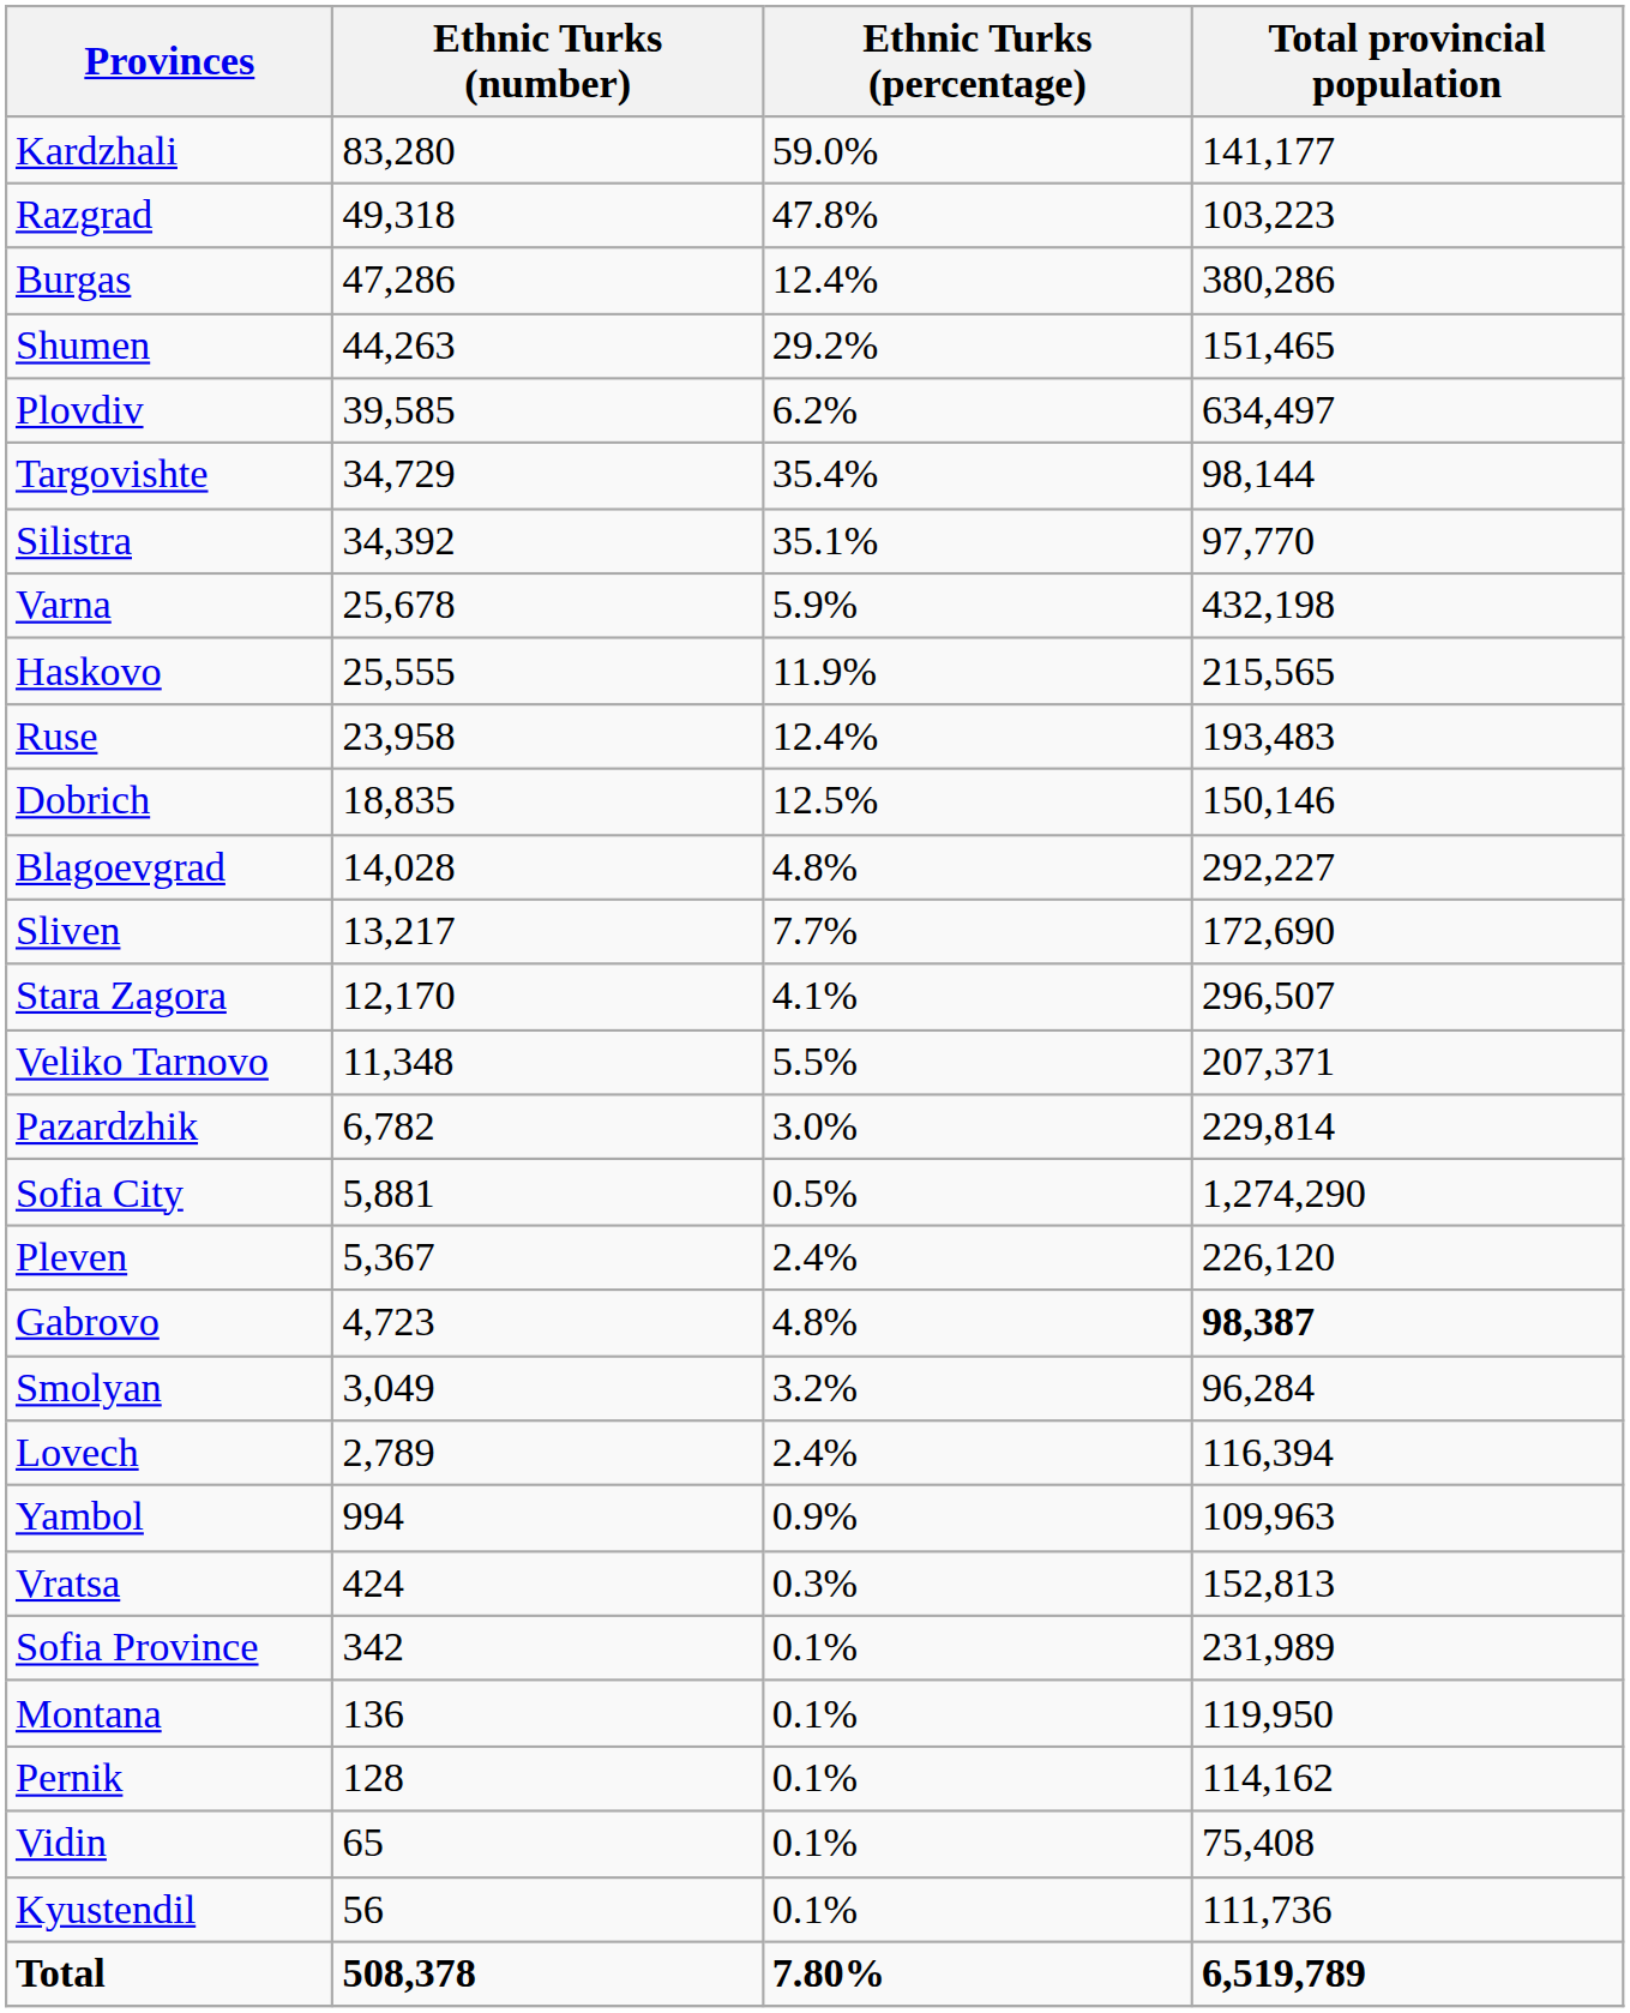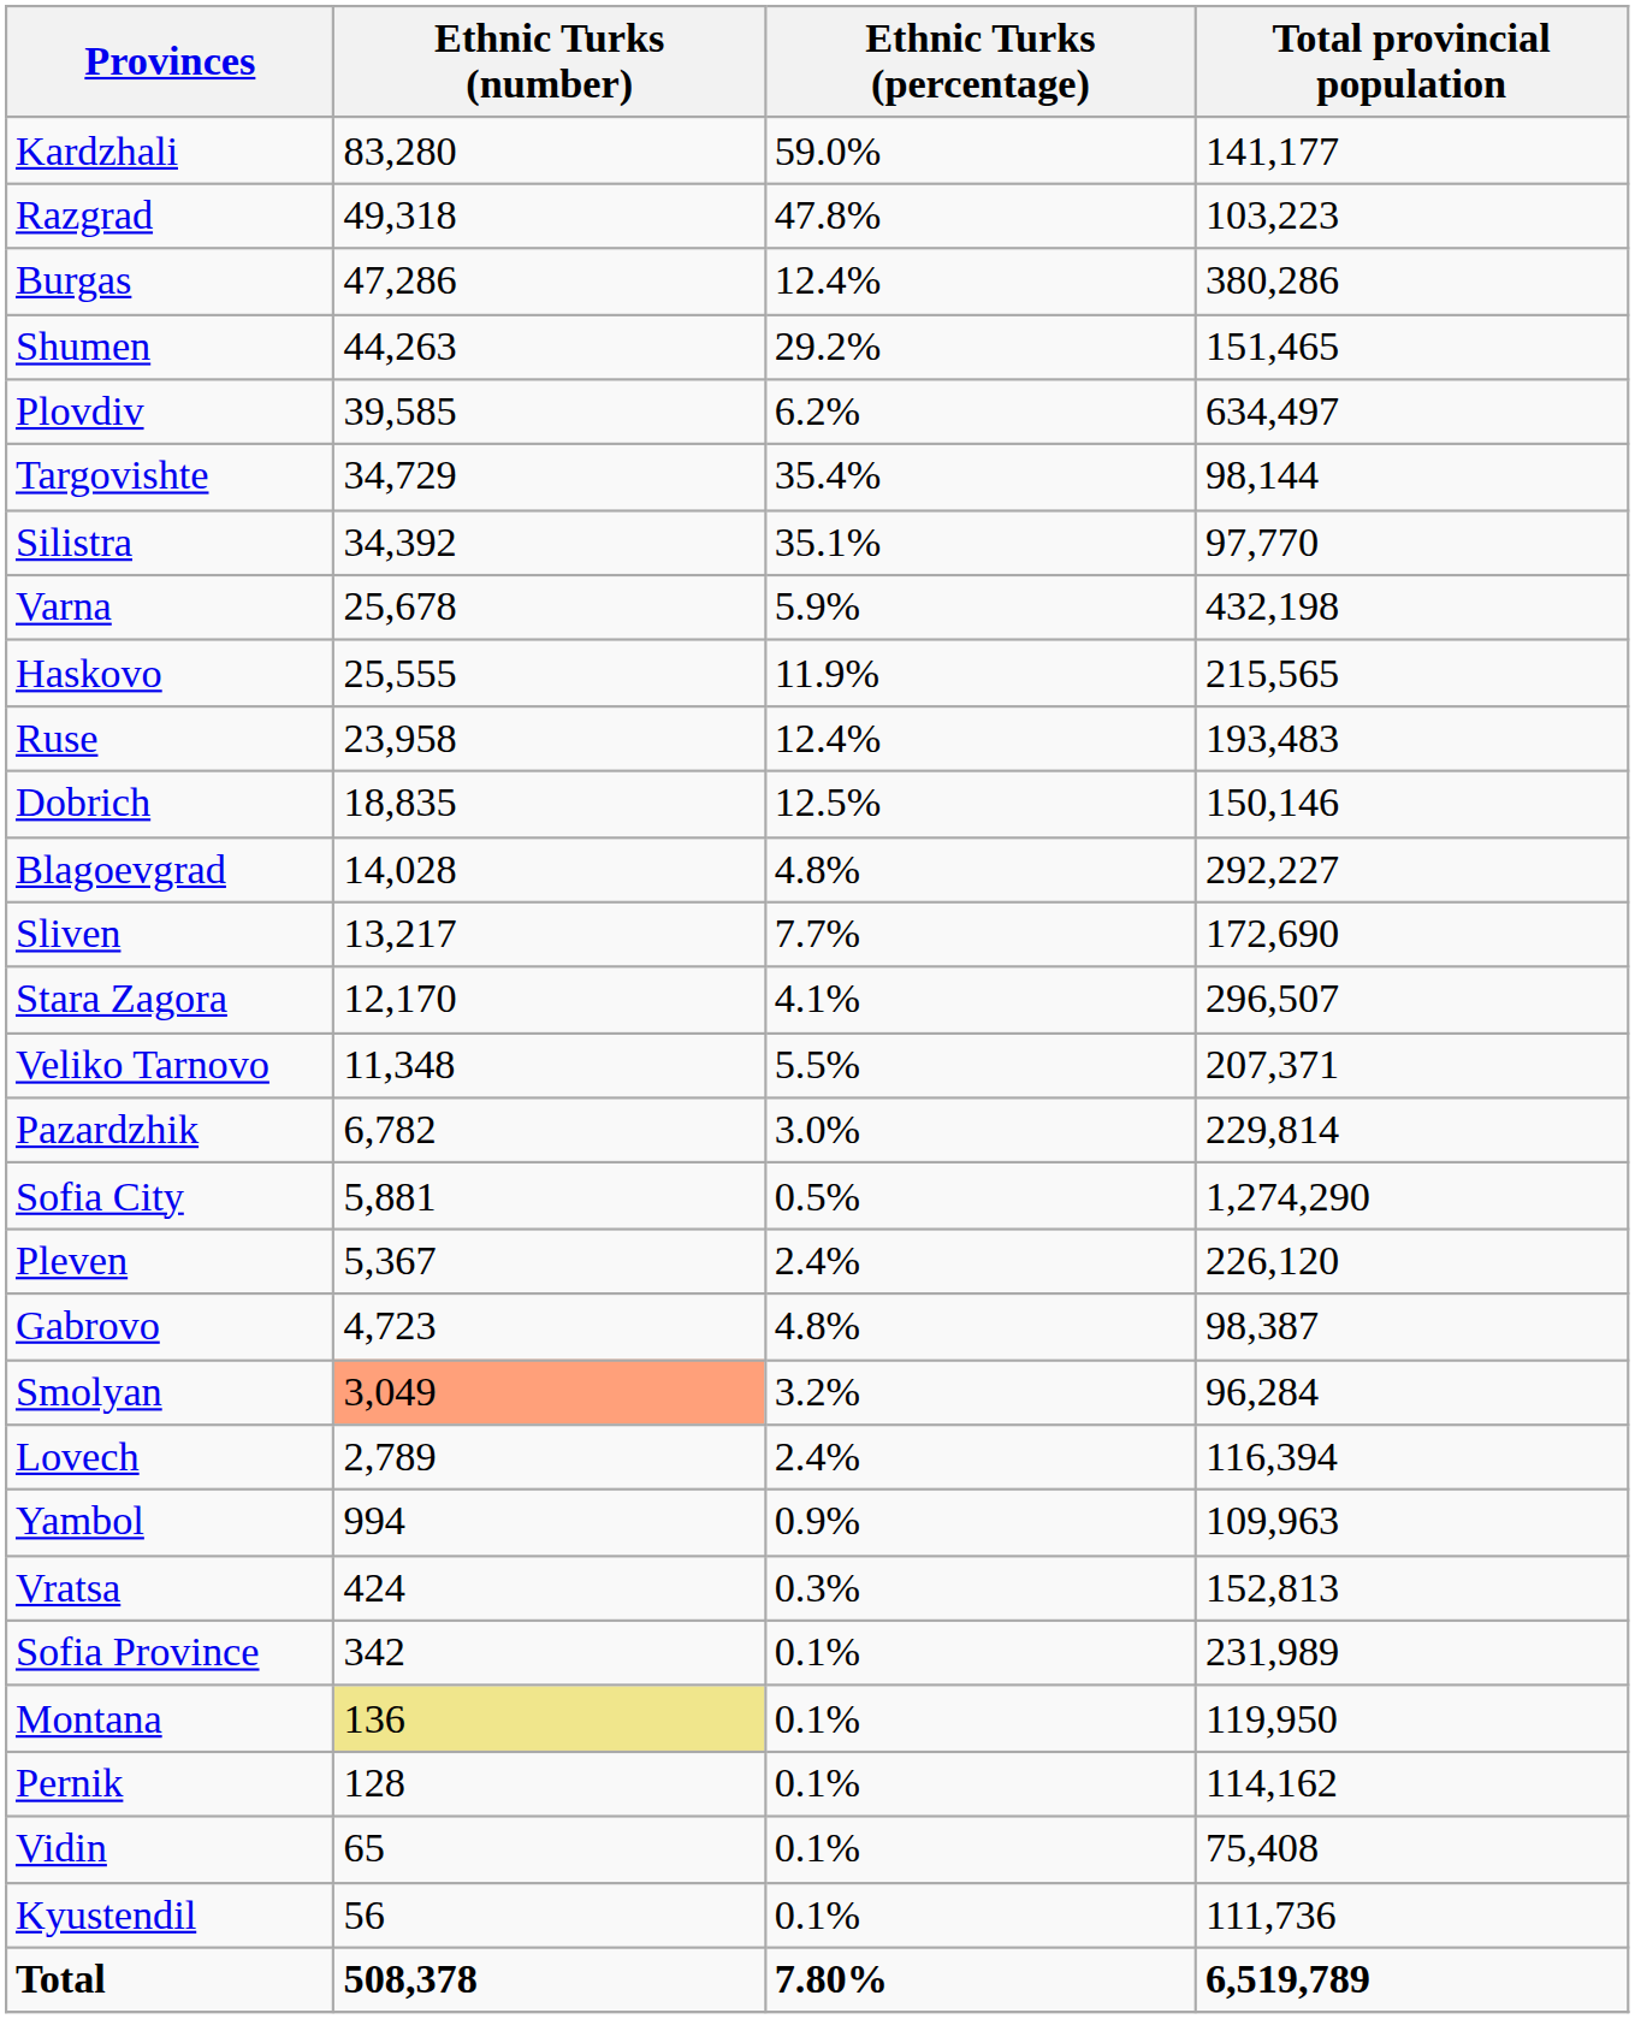 <table class="wikitable sortable">
 <tr>
 <th style="width:90pt;"><a href='#'>Provinces</a></th>
 <th style="width:120pt;">Ethnic Turks<br>(number)</th>
 <th style="width:120pt;">Ethnic Turks<br>(percentage)</th>
 <th style="width:120pt;">Total provincial population</th>
 </tr>
 <tr>
 <td><a href='#'>Kardzhali</a></td>
 <td>83,280</td>
 <td>59.0%</td>
 <td>141,177</td>
 </tr>
 <tr>
 <td><a href='#'>Razgrad</a></td>
 <td>49,318</td>
 <td>47.8%</td>
 <td>103,223</td>
 </tr>
 <tr>
 <td><a href='#'>Burgas</a></td>
 <td>47,286</td>
 <td>12.4%</td>
 <td>380,286</td>
 </tr>
 <tr>
 <td><a href='#'>Shumen</a></td>
 <td>44,263</td>
 <td>29.2%</td>
 <td>151,465</td>
 </tr>
 <tr>
 <td><a href='#'>Plovdiv</a></td>
 <td>39,585</td>
 <td>6.2%</td>
 <td>634,497</td>
 </tr>
 <tr>
 <td><a href='#'>Targovishte</a></td>
 <td>34,729</td>
 <td>35.4%</td>
 <td>98,144</td>
 </tr>
 <tr>
 <td><a href='#'>Silistra</a></td>
 <td>34,392</td>
 <td>35.1%</td>
 <td>97,770</td>
 </tr>
 <tr>
 <td><a href='#'>Varna</a></td>
 <td>25,678</td>
 <td>5.9%</td>
 <td>432,198</td>
 </tr>
 <tr>
 <td><a href='#'>Haskovo</a></td>
 <td>25,555</td>
 <td>11.9%</td>
 <td>215,565</td>
 </tr>
 <tr>
 <td><a href='#'>Ruse</a></td>
 <td>23,958</td>
 <td>12.4%</td>
 <td>193,483</td>
 </tr>
 <tr>
 <td><a href='#'>Dobrich</a></td>
 <td>18,835</td>
 <td>12.5%</td>
 <td>150,146</td>
 </tr>
 <tr>
 <td><a href='#'>Blagoevgrad</a></td>
 <td>14,028</td>
 <td>4.8%</td>
 <td>292,227</td>
 </tr>
 <tr>
 <td><a href='#'>Sliven</a></td>
 <td>13,217</td>
 <td>7.7%</td>
 <td>172,690</td>
 </tr>
 <tr>
 <td><a href='#'>Stara Zagora</a></td>
 <td>12,170</td>
 <td>4.1%</td>
 <td>296,507</td>
 </tr>
 <tr>
 <td><a href='#'>Veliko Tarnovo</a></td>
 <td>11,348</td>
 <td>5.5%</td>
 <td>207,371</td>
 </tr>
 <tr>
 <td><a href='#'>Pazardzhik</a></td>
 <td>6,782</td>
 <td>3.0%</td>
 <td>229,814</td>
 </tr>
 <tr>
 <td><a href='#'>Sofia City</a></td>
 <td>5,881</td>
 <td>0.5%</td>
 <td>1,274,290</td>
 </tr>
 <tr>
 <td><a href='#'>Pleven</a></td>
 <td>5,367</td>
 <td>2.4%</td>
 <td>226,120</td>
 </tr>
 <tr>
 <td><a href='#'>Gabrovo</a></td>
 <td>4,723</td>
 <td>4.8%</td>
-<td><strong>98,387</strong></td>
+<td>98,387</td>
 </tr>
 <tr>
 <td><a href='#'>Smolyan</a></td>
-<td>3,049</td>
+<td style="background: lightsalmon;">3,049</td>
 <td>3.2%</td>
 <td>96,284</td>
 </tr>
 <tr>
 <td><a href='#'>Lovech</a></td>
 <td>2,789</td>
 <td>2.4%</td>
 <td>116,394</td>
 </tr>
 <tr>
 <td><a href='#'>Yambol</a></td>
 <td>994</td>
 <td>0.9%</td>
 <td>109,963</td>
 </tr>
 <tr>
 <td><a href='#'>Vratsa</a></td>
 <td>424</td>
 <td>0.3%</td>
 <td>152,813</td>
 </tr>
 <tr>
 <td><a href='#'>Sofia Province</a></td>
 <td>342</td>
 <td>0.1%</td>
 <td>231,989</td>
 </tr>
 <tr>
 <td><a href='#'>Montana</a></td>
-<td>136</td>
+<td style="background: khaki;">136</td>
 <td>0.1%</td>
 <td>119,950</td>
 </tr>
 <tr>
 <td><a href='#'>Pernik</a></td>
 <td>128</td>
 <td>0.1%</td>
 <td>114,162</td>
 </tr>
 <tr>
 <td><a href='#'>Vidin</a></td>
 <td>65</td>
 <td>0.1%</td>
 <td>75,408</td>
 </tr>
 <tr>
 <td><a href='#'>Kyustendil</a></td>
 <td>56</td>
 <td>0.1%</td>
 <td>111,736</td>
 </tr>
 <tr>
 <td><strong>Total</strong></td>
 <td><strong>508,378</strong></td>
 <td><strong>7.80%</strong></td>
 <td><strong>6,519,789</strong></td>
 </tr>
 <tr>
 </tr>
 </table>
